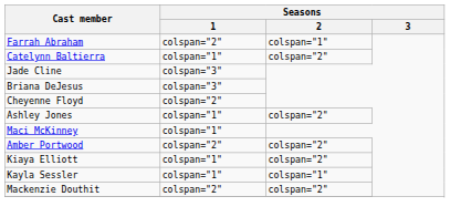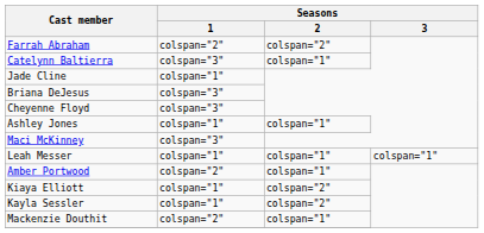 <table class="wikitable plainrowheaders" width="50%">
 <tr>
 <th scope="col" rowspan="2" style="width:15%;">Cast member</th>
 <th scope="col" colspan="3">Seasons</th>
 </tr>
 <tr>
 <th scope="col" style="width:7%;">1</th>
 <th scope="col" style="width:7%;">2</th>
 <th scope="col" style="width:7%;">3</th>
 </tr>
 <tr>
 <td scope="row"><a href='#'>Farrah Abraham</a></td>
 <td>colspan="2" </td>
+<td>colspan="2" </td>
+</tr>
+<tr>
+<td scope="row"><a href='#'>Catelynn Baltierra</a></td>
+<td>colspan="3" </td>
 <td>colspan="1" </td>
 </tr>
 <tr>
-<td scope="row"><a href='#'>Catelynn Baltierra</a></td>
+<td scope="row">Jade Cline</td>
 <td>colspan="1" </td>
-<td>colspan="2" </td>
-</tr>
-<tr>
-<td scope="row">Jade Cline</td>
-<td>colspan="3" </td>
 </tr>
 <tr>
 <td scope="row">Briana DeJesus</td>
 <td>colspan="3" </td>
 </tr>
 <tr>
 <td scope="row">Cheyenne Floyd</td>
-<td>colspan="2" </td>
+<td>colspan="3" </td>
 </tr>
 <tr>
 <td scope="row">Ashley Jones</td>
 <td>colspan="1" </td>
-<td>colspan="2" </td>
+<td>colspan="1" </td>
 </tr>
 <tr>
 <td scope="row"><a href='#'>Maci McKinney</a></td>
+<td>colspan="3" </td>
+</tr>
+<tr>
+<td scope="row">Leah Messer</td>
+<td>colspan="1" </td>
+<td>colspan="1" </td>
 <td>colspan="1" </td>
 </tr>
 <tr>
 <td scope="row"><a href='#'>Amber Portwood</a></td>
 <td>colspan="2" </td>
-<td>colspan="2" </td>
+<td>colspan="1" </td>
 </tr>
 <tr>
 <td scope="row">Kiaya Elliott</td>
 <td>colspan="1" </td>
 <td>colspan="2" </td>
 </tr>
 <tr>
 <td scope="row">Kayla Sessler</td>
 <td>colspan="1" </td>
-<td>colspan="1" </td>
+<td>colspan="2" </td>
 </tr>
 <tr>
 <td scope="row">Mackenzie Douthit</td>
 <td>colspan="2" </td>
-<td>colspan="2" </td>
+<td>colspan="1" </td>
 </tr>
 <tr>
 </tr>
 </table>
